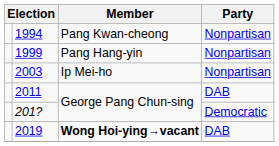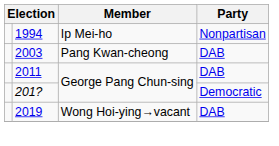 <table class="wikitable">
 <tr>
 <th colspan="2">Election</th>
 <th>Member</th>
 <th>Party</th>
 </tr>
 <tr>
 <td style="color:inherit;background:"></td>
 <td><a href='#'>1994</a></td>
-<td>Pang Kwan-cheong</td>
-<td><a href='#'>Nonpartisan</a></td>
-</tr>
-<tr>
-<td style="color:inherit;background:"></td>
-<td><a href='#'>1999</a></td>
-<td>Pang Hang-yin</td>
+<td>Ip Mei-ho</td>
 <td><a href='#'>Nonpartisan</a></td>
 </tr>
 <tr>
 <td style="color:inherit;background:"></td>
 <td><a href='#'>2003</a></td>
-<td>Ip Mei-ho</td>
-<td><a href='#'>Nonpartisan</a></td>
+<td>Pang Kwan-cheong</td>
+<td><a href='#'>DAB</a></td>
 </tr>
 <tr>
 <td style="color:inherit;background:"></td>
 <td><a href='#'>2011</a></td>
 <td rowspan=2>George Pang Chun-sing</td>
 <td><a href='#'>DAB</a></td>
 </tr>
 <tr>
 <td style="color:inherit;background:"></td>
 <td><em>201?</em></td>
 <td><a href='#'>Democratic</a></td>
 </tr>
 <tr>
 <td style="color:inherit;background:"></td>
 <td><a href='#'>2019</a></td>
-<td><strong>Wong Hoi-ying→vacant</strong></td>
+<td>Wong Hoi-ying→vacant</td>
 <td><a href='#'>DAB</a></td>
 </tr>
 <tr>
 </tr>
 </table>
